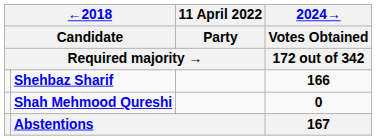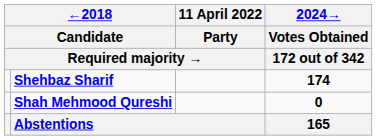 <table class="wikitable">
 <tr>
 <th colspan=2><a href='#'>←2018</a></th>
 <th>11 April 2022</th>
 <th colspan=2><a href='#'>2024→</a></th>
 </tr>
 <tr>
 <th colspan=2>Candidate</th>
 <th>Party</th>
 <th>Votes Obtained</th>
 </tr>
 <tr>
 <th colspan=3>Required majority →</th>
 <th>172 out of 342</th>
 </tr>
 <tr>
 <td></td>
 <td><strong><a href='#'>Shehbaz Sharif</a></strong></td>
 <td></td>
-<td style="text-align:center;"><strong>166</strong></td>
+<td style="text-align:center;"><strong>174</strong></td>
 </tr>
 <tr>
 <td></td>
 <td><strong><a href='#'>Shah Mehmood Qureshi</a></strong></td>
 <td></td>
 <td style="text-align:center;"><strong>0</strong><br></td>
 </tr>
 <tr class=sortbottom style="background:#f2f2f2; font-weight:bold">
 <td></td>
 <td colspan=2><a href='#'>Abstentions</a></td>
-<td style="text-align:center;">167</td>
+<td style="text-align:center;">165</td>
 </tr>
 </table>
